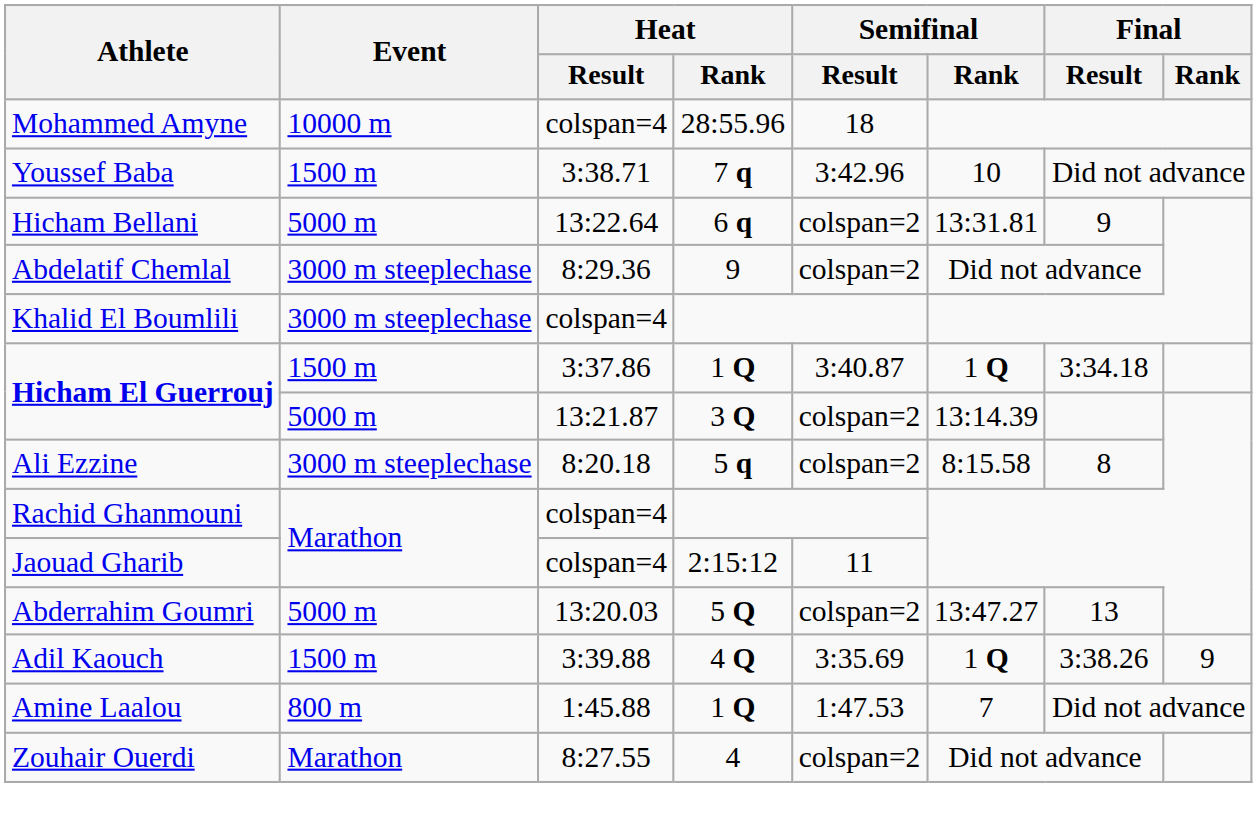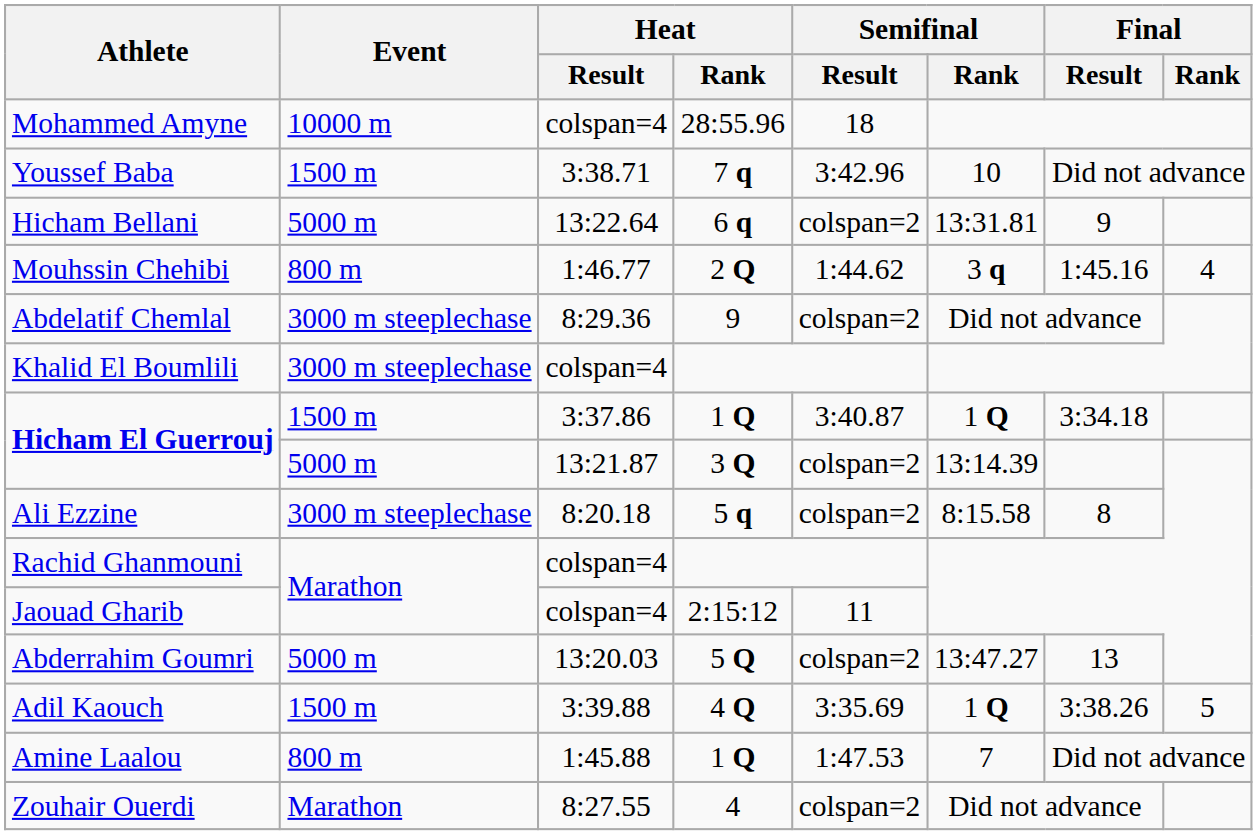 <table class=wikitable style="font-size:90%">
 <tr>
 <th rowspan="2">Athlete</th>
 <th rowspan="2">Event</th>
 <th colspan="2">Heat</th>
 <th colspan="2">Semifinal</th>
 <th colspan="2">Final</th>
 </tr>
 <tr style="font-size:95%">
 <th>Result</th>
 <th>Rank</th>
 <th>Result</th>
 <th>Rank</th>
 <th>Result</th>
 <th>Rank</th>
 </tr>
 <tr align=center>
 <td align=left><a href='#'>Mohammed Amyne</a></td>
 <td align=left><a href='#'>10000 m</a></td>
 <td>colspan=4 </td>
 <td>28:55.96</td>
 <td>18</td>
 </tr>
 <tr align=center>
 <td align=left><a href='#'>Youssef Baba</a></td>
 <td align=left><a href='#'>1500 m</a></td>
 <td>3:38.71</td>
 <td>7 <strong>q</strong></td>
 <td>3:42.96</td>
 <td>10</td>
 <td colspan=2>Did not advance</td>
 </tr>
 <tr align=center>
 <td align=left><a href='#'>Hicham Bellani</a></td>
 <td align=left><a href='#'>5000 m</a></td>
 <td>13:22.64</td>
 <td>6 <strong>q</strong></td>
 <td>colspan=2 </td>
 <td>13:31.81</td>
 <td>9</td>
+</tr>
+<tr align=center>
+<td align=left><a href='#'>Mouhssin Chehibi</a></td>
+<td align=left><a href='#'>800 m</a></td>
+<td>1:46.77</td>
+<td>2 <strong>Q</strong></td>
+<td>1:44.62</td>
+<td>3 <strong>q</strong></td>
+<td>1:45.16</td>
+<td>4</td>
 </tr>
 <tr align=center>
 <td align=left><a href='#'>Abdelatif Chemlal</a></td>
 <td align=left><a href='#'>3000 m steeplechase</a></td>
 <td>8:29.36</td>
 <td>9</td>
 <td>colspan=2 </td>
 <td colspan=2>Did not advance</td>
 </tr>
 <tr align=center>
 <td align=left><a href='#'>Khalid El Boumlili</a></td>
 <td align=left><a href='#'>3000 m steeplechase</a></td>
 <td>colspan=4 </td>
 <td colspan=2></td>
 </tr>
 <tr align=center>
 <td align=left rowspan=2><strong><a href='#'>Hicham El Guerrouj</a></strong></td>
 <td align=left><a href='#'>1500 m</a></td>
 <td>3:37.86</td>
 <td>1 <strong>Q</strong></td>
 <td>3:40.87</td>
 <td>1 <strong>Q</strong></td>
 <td>3:34.18</td>
 <td></td>
 </tr>
 <tr align=center>
 <td align=left><a href='#'>5000 m</a></td>
 <td>13:21.87</td>
 <td>3 <strong>Q</strong></td>
 <td>colspan=2 </td>
 <td>13:14.39</td>
 <td></td>
 </tr>
 <tr align=center>
 <td align=left><a href='#'>Ali Ezzine</a></td>
 <td align=left><a href='#'>3000 m steeplechase</a></td>
 <td>8:20.18</td>
 <td>5 <strong>q</strong></td>
 <td>colspan=2 </td>
 <td>8:15.58</td>
 <td>8</td>
 </tr>
 <tr align=center>
 <td align=left><a href='#'>Rachid Ghanmouni</a></td>
 <td align=left rowspan=2><a href='#'>Marathon</a></td>
 <td>colspan=4 </td>
 <td colspan=2></td>
 </tr>
 <tr align=center>
 <td align=left><a href='#'>Jaouad Gharib</a></td>
 <td>colspan=4 </td>
 <td>2:15:12</td>
 <td>11</td>
 </tr>
 <tr align=center>
 <td align=left><a href='#'>Abderrahim Goumri</a></td>
 <td align=left><a href='#'>5000 m</a></td>
 <td>13:20.03</td>
 <td>5 <strong>Q</strong></td>
 <td>colspan=2 </td>
 <td>13:47.27</td>
 <td>13</td>
 </tr>
 <tr align=center>
 <td align=left><a href='#'>Adil Kaouch</a></td>
 <td align=left><a href='#'>1500 m</a></td>
 <td>3:39.88</td>
 <td>4 <strong>Q</strong></td>
 <td>3:35.69</td>
 <td>1 <strong>Q</strong></td>
 <td>3:38.26</td>
-<td>9</td>
+<td>5</td>
 </tr>
 <tr align=center>
 <td align=left><a href='#'>Amine Laalou</a></td>
 <td align=left><a href='#'>800 m</a></td>
 <td>1:45.88</td>
 <td>1 <strong>Q</strong></td>
 <td>1:47.53</td>
 <td>7</td>
 <td colspan=2>Did not advance</td>
 </tr>
 <tr align=center>
 <td align=left><a href='#'>Zouhair Ouerdi</a></td>
 <td align=left><a href='#'>Marathon</a></td>
 <td>8:27.55</td>
 <td>4</td>
 <td>colspan=2 </td>
 <td colspan=2>Did not advance</td>
 </tr>
 </table>
